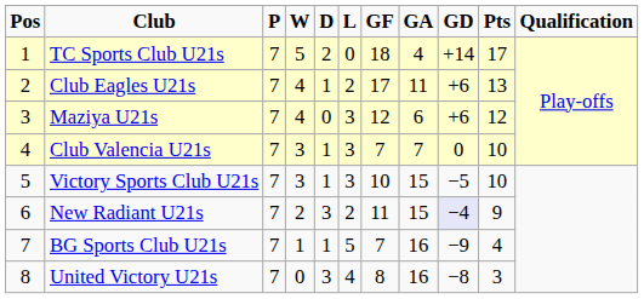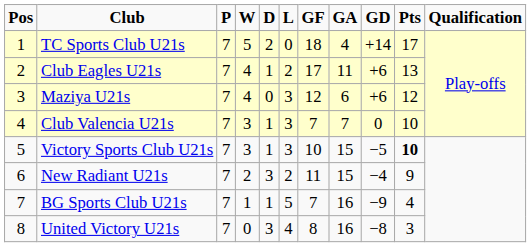 <table class="wikitable" style="text-align: center;">
 <tr>
 <td><strong>Pos</strong></td>
 <td><strong>Club</strong></td>
 <td><strong>P</strong></td>
 <td><strong>W</strong></td>
 <td><strong>D</strong></td>
 <td><strong>L</strong></td>
 <td><strong>GF</strong></td>
 <td><strong>GA</strong></td>
 <td><strong>GD</strong></td>
 <td><strong>Pts</strong></td>
 <td><strong>Qualification</strong></td>
 </tr>
 <tr style="background:#ffffcc">
 <td>1</td>
 <td align="left"><a href='#'>TC Sports Club U21s</a></td>
 <td>7</td>
 <td>5</td>
 <td>2</td>
 <td>0</td>
 <td>18</td>
 <td>4</td>
 <td>+14</td>
 <td>17</td>
 <td rowspan=4><a href='#'>Play-offs</a></td>
 </tr>
 <tr style="background:#ffffcc">
 <td>2</td>
 <td align="left"><a href='#'>Club Eagles U21s</a></td>
 <td>7</td>
 <td>4</td>
 <td>1</td>
 <td>2</td>
 <td>17</td>
 <td>11</td>
 <td>+6</td>
 <td>13</td>
 </tr>
 <tr style="background:#ffffcc">
 <td>3</td>
 <td align="left"><a href='#'>Maziya U21s</a></td>
 <td>7</td>
 <td>4</td>
 <td>0</td>
 <td>3</td>
 <td>12</td>
 <td>6</td>
 <td>+6</td>
 <td>12</td>
 </tr>
 <tr style="background:#ffffcc">
 <td>4</td>
 <td align="left"><a href='#'>Club Valencia U21s</a></td>
 <td>7</td>
 <td>3</td>
 <td>1</td>
 <td>3</td>
 <td>7</td>
 <td>7</td>
 <td>0</td>
 <td>10</td>
 </tr>
 <tr>
 <td>5</td>
 <td align="left"><a href='#'>Victory Sports Club U21s</a></td>
 <td>7</td>
 <td>3</td>
 <td>1</td>
 <td>3</td>
 <td>10</td>
 <td>15</td>
 <td>−5</td>
-<td>10</td>
+<td><strong>10</strong></td>
 </tr>
 <tr>
 <td>6</td>
 <td align="left"><a href='#'>New Radiant U21s</a></td>
 <td>7</td>
 <td>2</td>
 <td>3</td>
 <td>2</td>
 <td>11</td>
 <td>15</td>
-<td style="background: lavender;">−4</td>
+<td>−4</td>
 <td>9</td>
 </tr>
 <tr>
 <td>7</td>
 <td align="left"><a href='#'>BG Sports Club U21s</a></td>
 <td>7</td>
 <td>1</td>
 <td>1</td>
 <td>5</td>
 <td>7</td>
 <td>16</td>
 <td>−9</td>
 <td>4</td>
 </tr>
 <tr>
 <td>8</td>
 <td align="left"><a href='#'>United Victory U21s</a></td>
 <td>7</td>
 <td>0</td>
 <td>3</td>
 <td>4</td>
 <td>8</td>
 <td>16</td>
 <td>−8</td>
 <td>3</td>
 </tr>
 </table>
